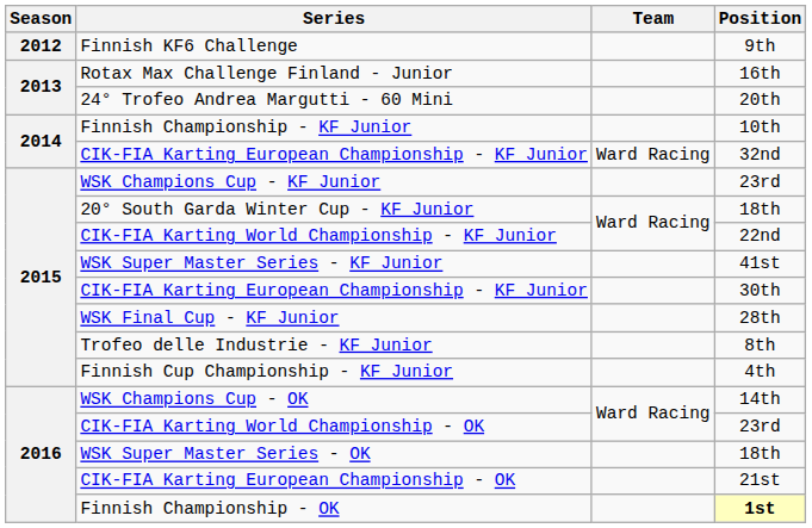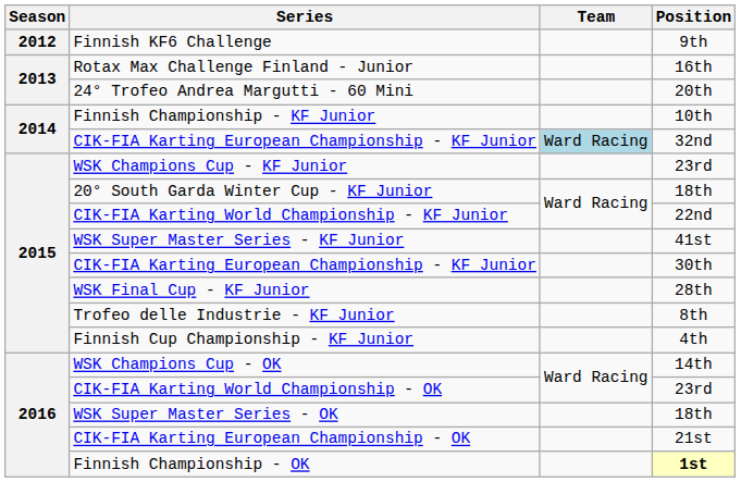 <table class="wikitable" style="font-size: 85%; text-align:center">
 <tr>
 <th>Season</th>
 <th>Series</th>
 <th>Team</th>
 <th>Position</th>
 </tr>
 <tr>
 <th>2012</th>
 <td align="left">Finnish KF6 Challenge</td>
 <td align="left"></td>
 <td>9th</td>
 </tr>
 <tr>
 <th rowspan="2">2013</th>
 <td align="left">Rotax Max Challenge Finland - Junior</td>
 <td align="left"></td>
 <td>16th</td>
 </tr>
 <tr>
 <td align="left">24° Trofeo Andrea Margutti - 60 Mini</td>
 <td align="left"></td>
 <td>20th</td>
 </tr>
 <tr>
 <th rowspan="2">2014</th>
 <td align="left">Finnish Championship - <a href='#'>KF Junior</a></td>
 <td align="left"></td>
 <td>10th</td>
 </tr>
 <tr>
 <td align="left"><a href='#'>CIK-FIA Karting European Championship</a> - <a href='#'>KF Junior</a></td>
-<td align="left">Ward Racing</td>
+<td align="left" style="background: lightblue;">Ward Racing</td>
 <td>32nd</td>
 </tr>
 <tr>
 <th rowspan="8">2015</th>
 <td align="left"><a href='#'>WSK Champions Cup</a> - <a href='#'>KF Junior</a></td>
 <td align="left"></td>
 <td>23rd</td>
 </tr>
 <tr>
 <td align="left">20° South Garda Winter Cup - <a href='#'>KF Junior</a></td>
 <td rowspan="2" align="left">Ward Racing</td>
 <td>18th</td>
 </tr>
 <tr>
 <td align="left"><a href='#'>CIK-FIA Karting World Championship</a> - <a href='#'>KF Junior</a></td>
 <td>22nd</td>
 </tr>
 <tr>
 <td align="left"><a href='#'>WSK Super Master Series</a> - <a href='#'>KF Junior</a></td>
 <td align="left"></td>
 <td>41st</td>
 </tr>
 <tr>
 <td align="left"><a href='#'>CIK-FIA Karting European Championship</a> - <a href='#'>KF Junior</a></td>
 <td align="left"></td>
 <td>30th</td>
 </tr>
 <tr>
 <td align="left"><a href='#'>WSK Final Cup</a> - <a href='#'>KF Junior</a></td>
 <td align="left"></td>
 <td>28th</td>
 </tr>
 <tr>
 <td align="left">Trofeo delle Industrie - <a href='#'>KF Junior</a></td>
 <td align="left"></td>
 <td>8th</td>
 </tr>
 <tr>
 <td align="left">Finnish Cup Championship - <a href='#'>KF Junior</a></td>
 <td align="left"></td>
 <td>4th</td>
 </tr>
 <tr>
 <th rowspan="5">2016</th>
 <td align="left"><a href='#'>WSK Champions Cup</a> - <a href='#'>OK</a></td>
 <td rowspan="2" align="left">Ward Racing</td>
 <td>14th</td>
 </tr>
 <tr>
 <td align="left"><a href='#'>CIK-FIA Karting World Championship</a> - <a href='#'>OK</a></td>
 <td>23rd</td>
 </tr>
 <tr>
 <td align="left"><a href='#'>WSK Super Master Series</a> - <a href='#'>OK</a></td>
 <td align="left"></td>
 <td>18th</td>
 </tr>
 <tr>
 <td align="left"><a href='#'>CIK-FIA Karting European Championship</a> - <a href='#'>OK</a></td>
 <td align="left"></td>
 <td>21st</td>
 </tr>
 <tr>
 <td align="left">Finnish Championship  - <a href='#'>OK</a></td>
 <td align="left"></td>
 <th style="background:#FFFFBF"><strong>1st</strong></th>
 </tr>
 </table>
